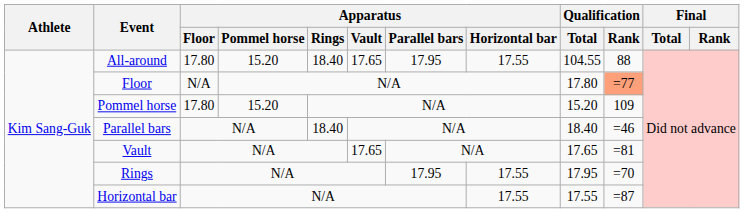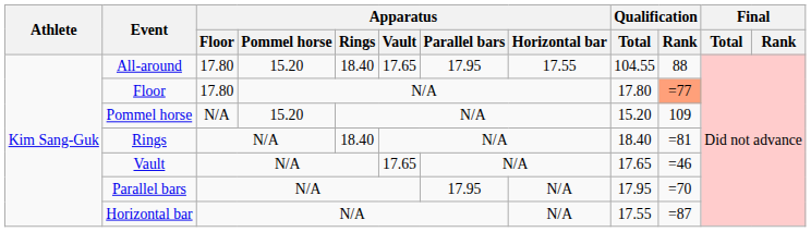 <table class="wikitable" style="font-size:90%; text-align:center;">
 <tr>
 <th rowspan="2">Athlete</th>
 <th rowspan="2">Event</th>
 <th colspan = "6">Apparatus</th>
 <th colspan = "2">Qualification</th>
 <th colspan = "2">Final</th>
 </tr>
 <tr>
 <th>Floor</th>
 <th>Pommel horse</th>
 <th>Rings</th>
 <th>Vault</th>
 <th>Parallel bars</th>
 <th>Horizontal bar</th>
 <th>Total</th>
 <th>Rank</th>
 <th>Total</th>
 <th>Rank</th>
 </tr>
 <tr>
 <td rowspan="7"><a href='#'>Kim Sang-Guk</a></td>
 <td><a href='#'>All-around</a></td>
 <td>17.80</td>
 <td>15.20</td>
 <td>18.40</td>
 <td>17.65</td>
 <td>17.95</td>
 <td>17.55</td>
 <td>104.55</td>
 <td>88</td>
 <td bgcolor="ffcccc" colspan=2 rowspan="7">Did not advance</td>
 </tr>
 <tr>
 <td><a href='#'>Floor</a></td>
-<td>N/A</td>
+<td>17.80</td>
 <td colspan="5">N/A</td>
 <td>17.80</td>
 <td style="background: lightsalmon;">=77</td>
 </tr>
 <tr>
 <td><a href='#'>Pommel horse</a></td>
-<td>17.80</td>
+<td>N/A</td>
 <td>15.20</td>
 <td colspan="4">N/A</td>
 <td>15.20</td>
 <td>109</td>
 </tr>
 <tr>
-<td><a href='#'>Parallel bars</a></td>
+<td><a href='#'>Rings</a></td>
 <td colspan="2">N/A</td>
 <td>18.40</td>
 <td colspan="3">N/A</td>
 <td>18.40</td>
-<td>=46</td>
+<td>=81</td>
 </tr>
 <tr>
 <td><a href='#'>Vault</a></td>
 <td colspan="3">N/A</td>
 <td>17.65</td>
 <td colspan="2">N/A</td>
 <td>17.65</td>
-<td>=81</td>
+<td>=46</td>
 </tr>
 <tr>
-<td><a href='#'>Rings</a></td>
+<td><a href='#'>Parallel bars</a></td>
 <td colspan="4">N/A</td>
 <td>17.95</td>
-<td>17.55</td>
+<td>N/A</td>
 <td>17.95</td>
 <td>=70</td>
 </tr>
 <tr>
 <td><a href='#'>Horizontal bar</a></td>
 <td colspan=5>N/A</td>
-<td>17.55</td>
+<td>N/A</td>
 <td>17.55</td>
 <td>=87</td>
 </tr>
 </table>
